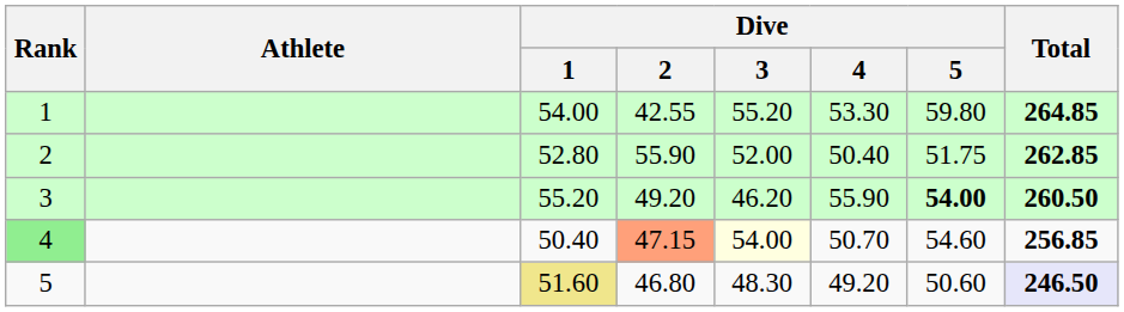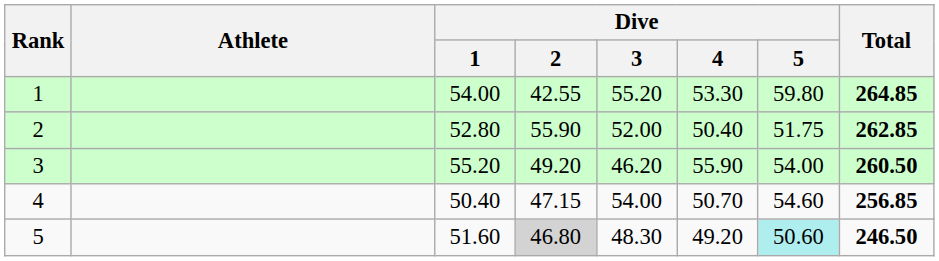 <table class="wikitable" style="text-align:center">
 <tr>
 <th rowspan="2" width="40">Rank</th>
 <th rowspan="2" width="250">Athlete</th>
 <th colspan="5">Dive</th>
 <th rowspan="2" width="60">Total</th>
 </tr>
 <tr>
 <th width="50">1</th>
 <th width="50">2</th>
 <th width="50">3</th>
 <th width="50">4</th>
 <th width="50">5</th>
 </tr>
 <tr bgcolor="ccffcc">
 <td>1</td>
 <td align="left"></td>
 <td>54.00</td>
 <td>42.55</td>
 <td>55.20</td>
 <td>53.30</td>
 <td>59.80</td>
 <td><strong>264.85</strong></td>
 </tr>
 <tr bgcolor="ccffcc">
 <td>2</td>
 <td align="left"></td>
 <td>52.80</td>
 <td>55.90</td>
 <td>52.00</td>
 <td>50.40</td>
 <td>51.75</td>
 <td><strong>262.85</strong></td>
 </tr>
 <tr bgcolor="ccffcc">
 <td>3</td>
 <td align="left"></td>
 <td>55.20</td>
 <td>49.20</td>
 <td>46.20</td>
 <td>55.90</td>
-<td><strong>54.00</strong></td>
+<td>54.00</td>
 <td><strong>260.50</strong></td>
 </tr>
 <tr>
-<td style="background: lightgreen;">4</td>
+<td>4</td>
 <td align="left"></td>
 <td>50.40</td>
-<td style="background: lightsalmon;">47.15</td>
-<td style="background: lightyellow;">54.00</td>
+<td>47.15</td>
+<td>54.00</td>
 <td>50.70</td>
 <td>54.60</td>
 <td><strong>256.85</strong></td>
 </tr>
 <tr>
 <td>5</td>
 <td align="left"></td>
-<td style="background: khaki;">51.60</td>
-<td>46.80</td>
+<td>51.60</td>
+<td style="background: lightgrey;">46.80</td>
 <td>48.30</td>
 <td>49.20</td>
-<td>50.60</td>
-<td style="background: lavender;"><strong>246.50</strong></td>
+<td style="background: paleturquoise;">50.60</td>
+<td><strong>246.50</strong></td>
 </tr>
 </table>
